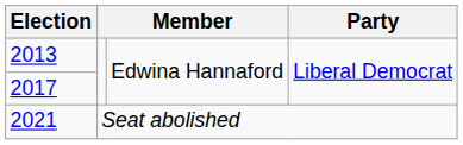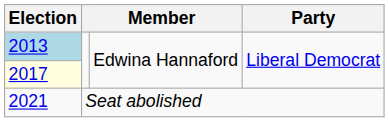 <table class="wikitable">
 <tr>
 <th>Election</th>
 <th colspan="2">Member</th>
 <th>Party</th>
 </tr>
 <tr>
-<td><a href='#'>2013</a></td>
+<td style="background: lightblue;"><a href='#'>2013</a></td>
 <td rowspan="2" style="background-color: "></td>
 <td rowspan="2">Edwina Hannaford</td>
 <td rowspan="2"><a href='#'>Liberal Democrat</a></td>
 </tr>
 <tr>
-<td><a href='#'>2017</a></td>
+<td style="background: lightyellow;"><a href='#'>2017</a></td>
 </tr>
 <tr>
 <td><a href='#'>2021</a></td>
 <td colspan="3"><em>Seat abolished</em></td>
 </tr>
 </table>
